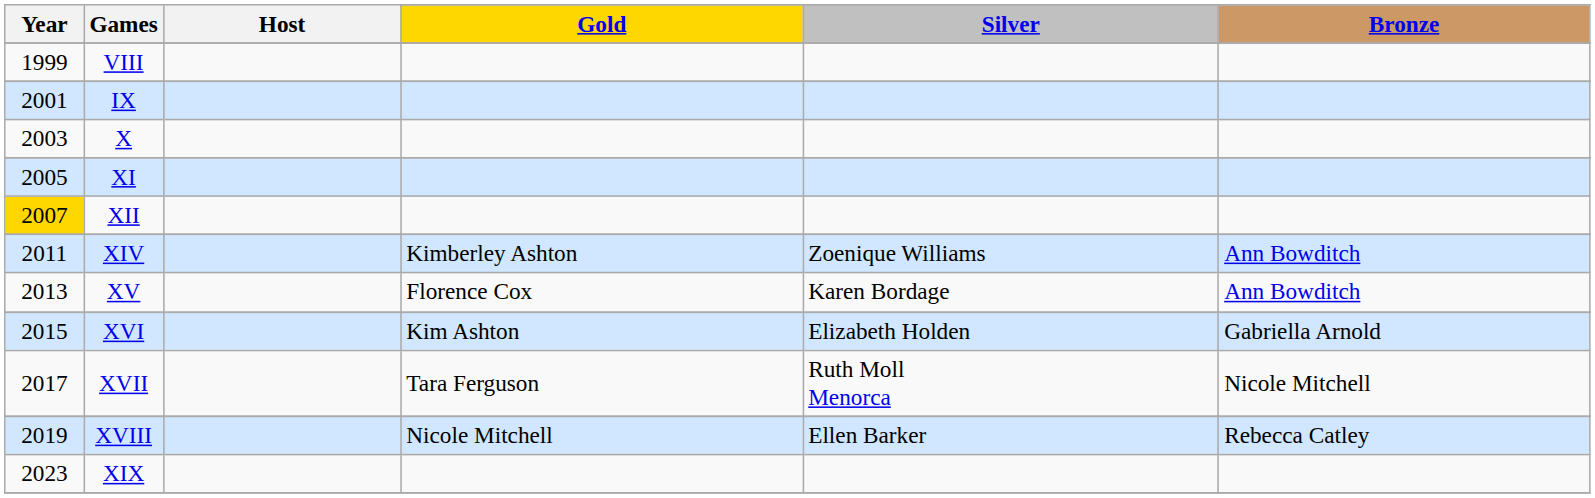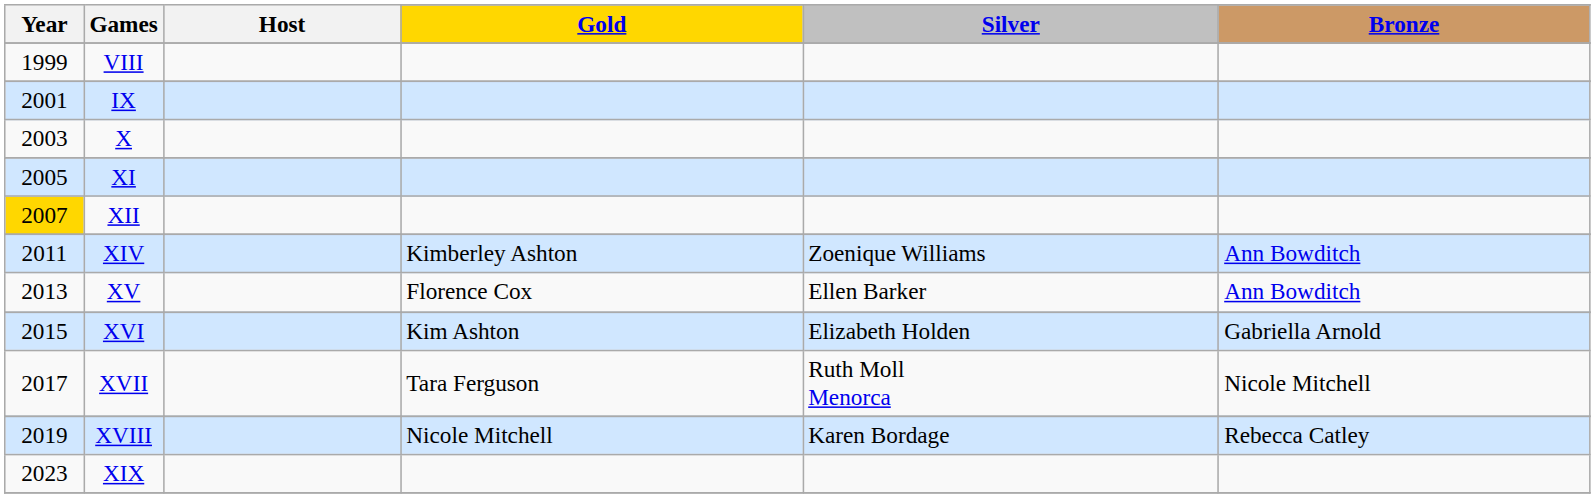 <table class="wikitable" style="text-align: center; font-size:95%;">
 <tr>
 <th rowspan="2" style="width:5%;">Year</th>
 <th rowspan="2" style="width:5%;">Games</th>
 <th rowspan="2" style="width:15%;">Host</th>
 </tr>
 <tr>
 <th style="background-color: gold"><a href='#'>Gold</a></th>
 <th style="background-color: silver"><a href='#'>Silver</a></th>
 <th style="background-color: #CC9966"><a href='#'>Bronze</a></th>
 </tr>
 <tr>
 </tr>
 <tr>
 <td>1999</td>
 <td align=center><a href='#'>VIII</a></td>
 <td align="left"></td>
 <td align="left"></td>
 <td align="left"></td>
 <td align="left"></td>
 </tr>
 <tr>
 </tr>
 <tr style="text-align:center; background:#d0e7ff;">
 <td>2001</td>
 <td align=center><a href='#'>IX</a></td>
 <td align="left"></td>
 <td align="left"></td>
 <td align="left"></td>
 <td align="left"></td>
 </tr>
 <tr>
 <td>2003</td>
 <td align=center><a href='#'>X</a></td>
 <td align="left"></td>
 <td align="left"></td>
 <td align="left"></td>
 <td align="left"></td>
 </tr>
 <tr>
 </tr>
 <tr style="text-align:center; background:#d0e7ff;">
 <td>2005</td>
 <td align=center><a href='#'>XI</a></td>
 <td align="left"></td>
 <td align="left"></td>
 <td align="left"></td>
 <td align="left"></td>
 </tr>
 <tr>
 <td style="background: gold;">2007</td>
 <td align=center><a href='#'>XII</a></td>
 <td align="left"></td>
 <td align="left"></td>
 <td align="left"></td>
 <td align="left"></td>
 </tr>
 <tr>
 </tr>
 <tr style="text-align:center; background:#d0e7ff;">
 <td>2011</td>
 <td align=center><a href='#'>XIV</a></td>
 <td align="left"></td>
 <td align="left">Kimberley Ashton <br> </td>
 <td align="left">Zoenique Williams <br> </td>
 <td align="left"><a href='#'>Ann Bowditch</a> <br> </td>
 </tr>
 <tr>
 <td>2013</td>
 <td align=center><a href='#'>XV</a></td>
 <td align="left"></td>
 <td align="left">Florence Cox <br> </td>
-<td align="left">Karen Bordage <br> </td>
+<td align="left">Ellen Barker <br> </td>
 <td align="left"><a href='#'>Ann Bowditch</a> <br> </td>
 </tr>
 <tr>
 </tr>
 <tr style="text-align:center; background:#d0e7ff;">
 <td>2015</td>
 <td align=center><a href='#'>XVI</a></td>
 <td align="left"></td>
 <td align="left">Kim Ashton <br> </td>
 <td align="left">Elizabeth Holden <br> </td>
 <td align="left">Gabriella Arnold <br> </td>
 </tr>
 <tr>
 <td>2017</td>
 <td align=center><a href='#'>XVII</a></td>
 <td align="left"></td>
 <td align="left">Tara Ferguson <br> </td>
 <td align= left>Ruth Moll <br>  <a href='#'>Menorca</a></td>
 <td align="left">Nicole Mitchell <br> </td>
 </tr>
 <tr>
 </tr>
 <tr style="text-align:center; background:#d0e7ff;">
 <td>2019</td>
 <td align=center><a href='#'>XVIII</a></td>
 <td align="left"></td>
 <td align="left">Nicole Mitchell <br> </td>
-<td align="left">Ellen Barker <br> </td>
+<td align="left">Karen Bordage <br> </td>
 <td align="left">Rebecca Catley <br> </td>
 </tr>
 <tr>
 <td>2023</td>
 <td align=center><a href='#'>XIX</a></td>
 <td align="left"></td>
 <td align="left"></td>
 <td align="left"></td>
 <td align="left"></td>
 </tr>
 <tr>
 </tr>
 </table>
